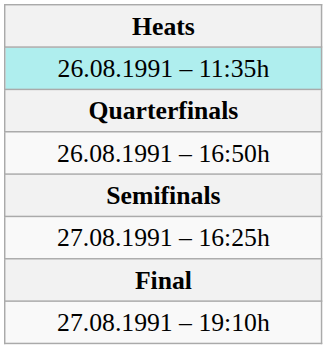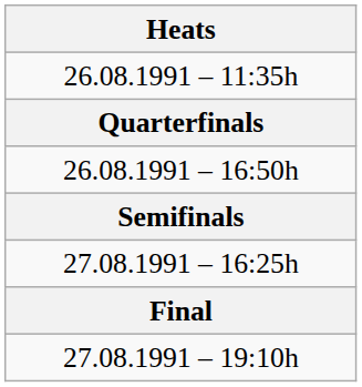 <table class="wikitable" style=" text-align:center; font-size:110%;" width="35%">
 <tr>
 <th>Heats</th>
 </tr>
 <tr>
-<td style="background: paleturquoise;">26.08.1991 – 11:35h</td>
+<td>26.08.1991 – 11:35h</td>
 </tr>
 <tr>
 <th>Quarterfinals</th>
 </tr>
 <tr>
 <td>26.08.1991 – 16:50h</td>
 </tr>
 <tr>
 <th>Semifinals</th>
 </tr>
 <tr>
 <td>27.08.1991 – 16:25h</td>
 </tr>
 <tr>
 <th>Final</th>
 </tr>
 <tr>
 <td>27.08.1991 – 19:10h</td>
 </tr>
 </table>
